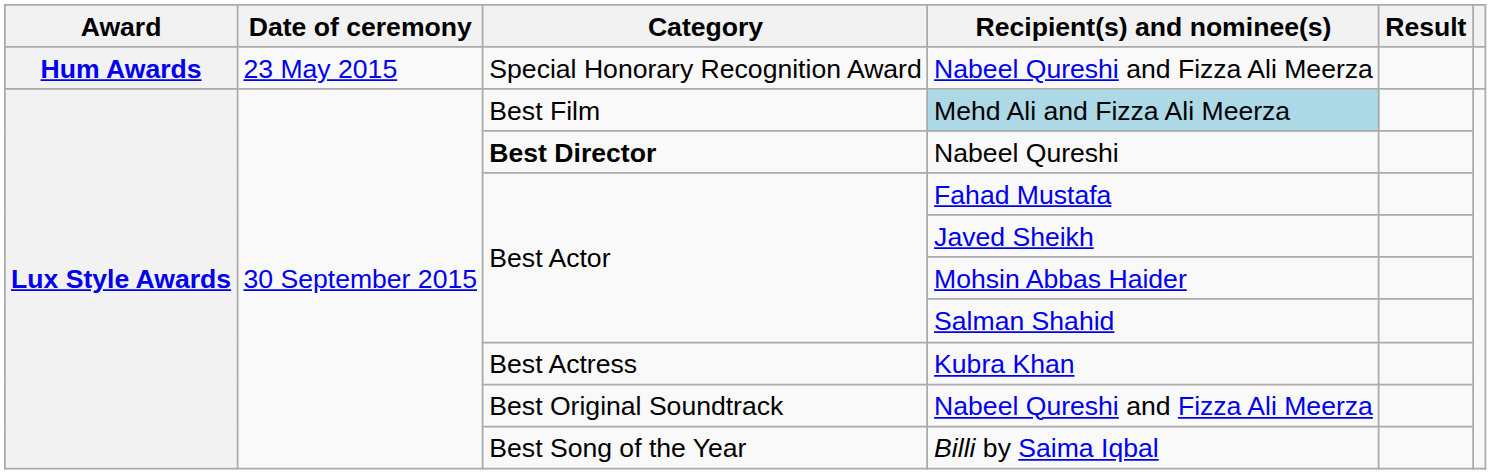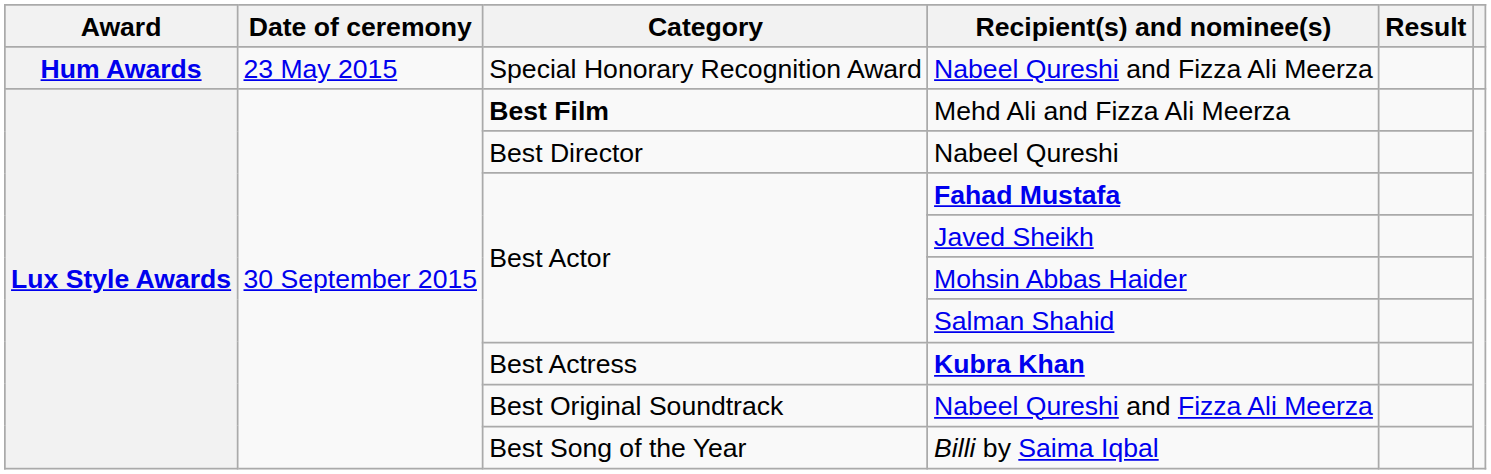 <table class="wikitable plainrowheaders" style="font-size: 95%;">
 <tr>
 <th scope="col">Award</th>
 <th scope="col">Date of ceremony</th>
 <th scope="col">Category</th>
 <th scope="col">Recipient(s) and nominee(s)</th>
 <th scope="col">Result</th>
 <th scope="col"></th>
 </tr>
 <tr>
 <th scope="row"><a href='#'>Hum Awards</a></th>
 <td><a href='#'>23 May 2015</a></td>
 <td>Special Honorary Recognition Award</td>
 <td><a href='#'>Nabeel Qureshi</a> and Fizza Ali Meerza</td>
 <td></td>
 <td style="text-align:center;"></td>
 </tr>
 <tr>
 <th scope="row" rowspan="9"><a href='#'>Lux Style Awards</a></th>
 <td rowspan="9"><a href='#'>30 September 2015</a></td>
-<td>Best Film</td>
-<td style="background: lightblue;">Mehd Ali and Fizza Ali Meerza</td>
+<td><strong>Best Film</strong></td>
+<td>Mehd Ali and Fizza Ali Meerza</td>
 <td></td>
 <td style="text-align:center;"  rowspan="9"></td>
 </tr>
 <tr>
-<td><strong>Best Director</strong></td>
+<td>Best Director</td>
 <td>Nabeel Qureshi</td>
 <td></td>
 </tr>
 <tr>
 <td rowspan="4">Best Actor</td>
-<td><a href='#'>Fahad Mustafa</a></td>
+<td><strong><a href='#'>Fahad Mustafa</a></strong></td>
 <td></td>
 </tr>
 <tr>
 <td><a href='#'>Javed Sheikh</a></td>
 <td></td>
 </tr>
 <tr>
 <td><a href='#'>Mohsin Abbas Haider</a></td>
 <td></td>
 </tr>
 <tr>
 <td><a href='#'>Salman Shahid</a></td>
 <td></td>
 </tr>
 <tr>
 <td>Best Actress</td>
-<td><a href='#'>Kubra Khan</a></td>
+<td><strong><a href='#'>Kubra Khan</a></strong></td>
 <td></td>
 </tr>
 <tr>
 <td>Best Original Soundtrack</td>
 <td><a href='#'>Nabeel Qureshi</a> and <a href='#'>Fizza Ali Meerza</a></td>
 <td></td>
 </tr>
 <tr>
 <td>Best Song of the Year</td>
 <td><em>Billi</em> by <a href='#'>Saima Iqbal</a></td>
 <td></td>
 </tr>
 </table>
